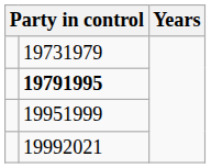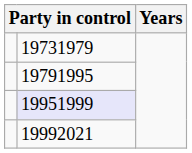 <table class="wikitable">
 <tr>
 <th colspan="2">Party in control</th>
 <th>Years</th>
 </tr>
 <tr>
 <td></td>
 <td>19731979</td>
 </tr>
 <tr>
 <td></td>
-<td><strong>19791995</strong></td>
+<td>19791995</td>
 </tr>
 <tr>
 <td></td>
-<td>19951999</td>
+<td style="background: lavender;">19951999</td>
 </tr>
 <tr>
 <td></td>
 <td>19992021</td>
 </tr>
 </table>
